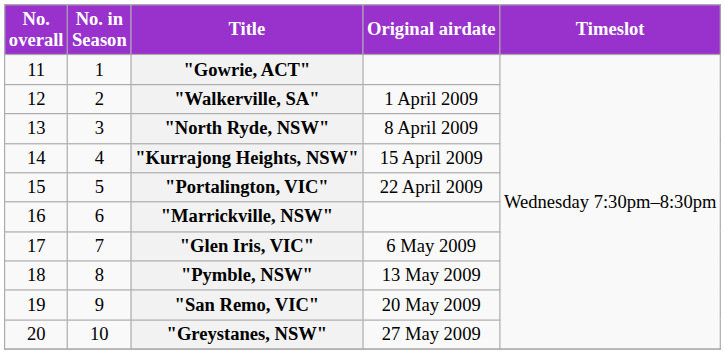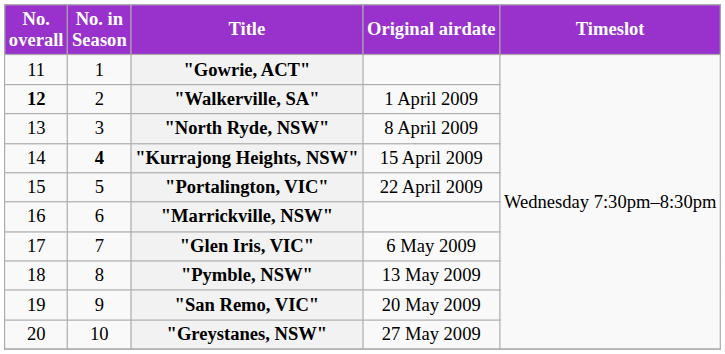 <table class="wikitable" style="text-align:center;">
 <tr>
 <th scope="col" style="background:#9932cc; color:white;">No. <br>overall</th>
 <th scope="col" style="background:#9932cc; color:white;">No. in <br>Season</th>
 <th scope="col" style="background:#9932cc; color:white;">Title</th>
 <th scope="col" style="background:#9932cc; color:white;">Original airdate</th>
 <th scope="row" style="background:#9932cc; color:white;">Timeslot</th>
 </tr>
 <tr>
 <td>11</td>
 <td>1</td>
 <th>"Gowrie, ACT"</th>
 <td></td>
 <td rowspan="10">Wednesday 7:30pm–8:30pm</td>
 </tr>
 <tr>
-<td>12</td>
+<td><strong>12</strong></td>
 <td>2</td>
 <th>"Walkerville, SA"</th>
 <td>1 April 2009</td>
 </tr>
 <tr>
 <td>13</td>
 <td>3</td>
 <th>"North Ryde, NSW"</th>
 <td>8 April 2009</td>
 </tr>
 <tr>
 <td>14</td>
-<td>4</td>
+<td><strong>4</strong></td>
 <th>"Kurrajong Heights, NSW"</th>
 <td>15 April 2009</td>
 </tr>
 <tr>
 <td>15</td>
 <td>5</td>
 <th>"Portalington, VIC"</th>
 <td>22 April 2009</td>
 </tr>
 <tr>
 <td>16</td>
 <td>6</td>
 <th>"Marrickville, NSW"</th>
 <td></td>
 </tr>
 <tr>
 <td>17</td>
 <td>7</td>
 <th>"Glen Iris, VIC"</th>
 <td>6 May 2009</td>
 </tr>
 <tr>
 <td>18</td>
 <td>8</td>
 <th>"Pymble, NSW"</th>
 <td>13 May 2009</td>
 </tr>
 <tr>
 <td>19</td>
 <td>9</td>
 <th>"San Remo, VIC"</th>
 <td>20 May 2009</td>
 </tr>
 <tr>
 <td>20</td>
 <td>10</td>
 <th>"Greystanes, NSW"</th>
 <td>27 May 2009</td>
 </tr>
 <tr>
 </tr>
 </table>
